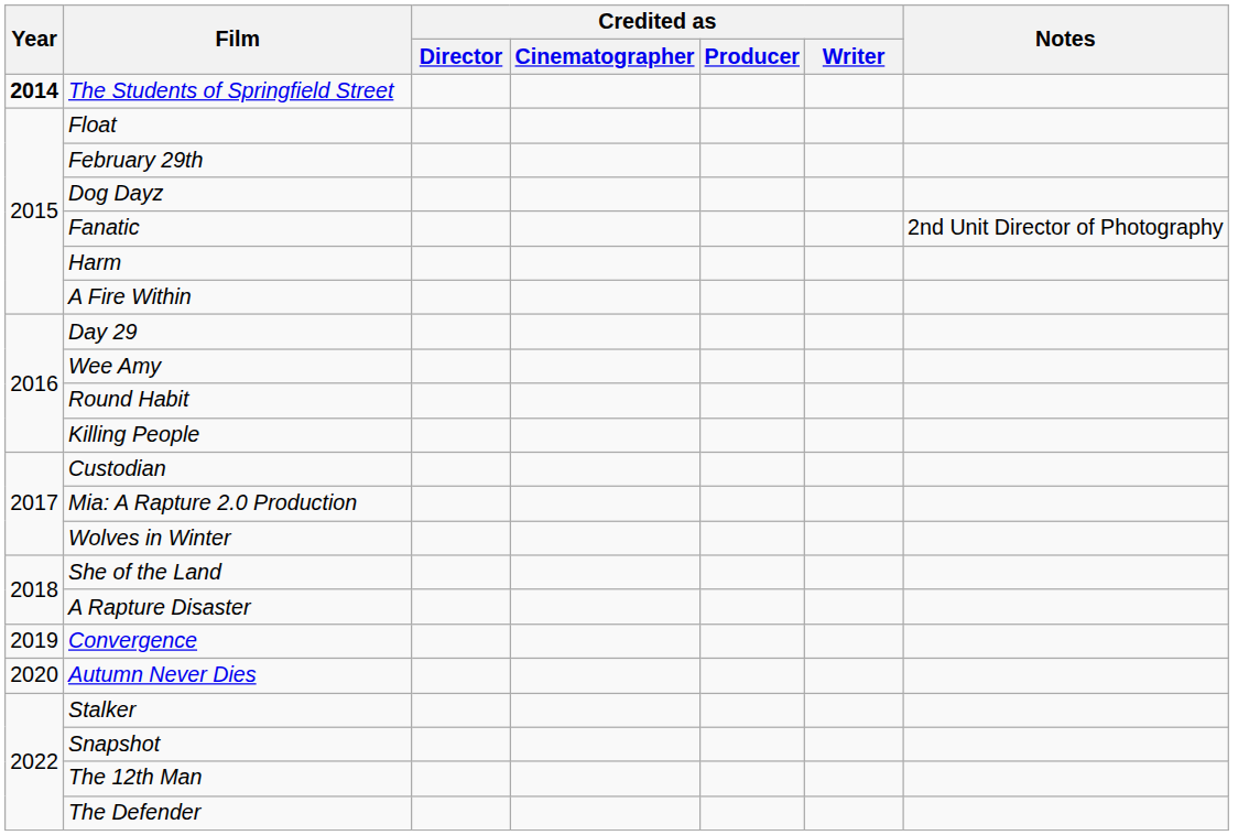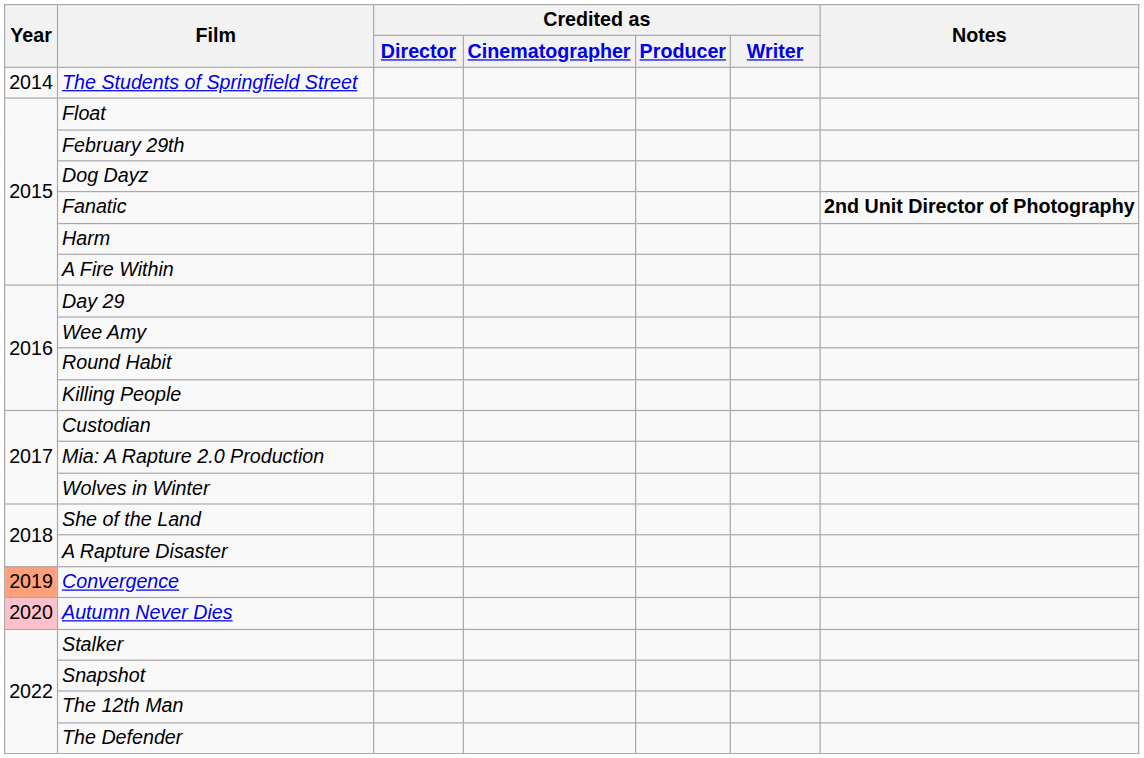 <table class="wikitable sortable" style="margin-right: 0;">
 <tr>
 <th rowspan="2" style="width:33px;">Year</th>
 <th rowspan="2" style="width:250px;">Film</th>
 <th colspan="4">Credited as</th>
 <th rowspan="2">Notes</th>
 </tr>
 <tr>
 <th style="width:65px;"><a href='#'>Director</a></th>
 <th style="width:65px;"><a href='#'>Cinematographer</a></th>
 <th style="width:65px;"><a href='#'>Producer</a></th>
 <th style="width:65px;"><a href='#'>Writer</a></th>
 </tr>
 <tr>
-<td rowspan="1"><strong>2014</strong></td>
+<td rowspan="1">2014</td>
 <td style="text-align:left"><em><a href='#'>The Students of Springfield Street</a></em></td>
 <td></td>
 <td></td>
 <td></td>
 <td></td>
 <td></td>
 </tr>
 <tr>
 <td rowspan="6">2015</td>
 <td style="text-align:left"><em>Float</em></td>
 <td></td>
 <td></td>
 <td></td>
 <td></td>
 <td></td>
 </tr>
 <tr>
 <td style="text-align:left"><em>February 29th</em></td>
 <td></td>
 <td></td>
 <td></td>
 <td></td>
 <td></td>
 </tr>
 <tr>
 <td style="text-align:left"><em>Dog Dayz</em></td>
 <td></td>
 <td></td>
 <td></td>
 <td></td>
 <td></td>
 </tr>
 <tr>
 <td style="text-align:left"><em>Fanatic</em></td>
 <td></td>
 <td></td>
 <td></td>
 <td></td>
-<td>2nd Unit Director of Photography</td>
+<td><strong>2nd Unit Director of Photography</strong></td>
 </tr>
 <tr>
 <td style="text-align:left"><em>Harm</em></td>
 <td></td>
 <td></td>
 <td></td>
 <td></td>
 <td></td>
 </tr>
 <tr>
 <td style="text-align:left"><em>A Fire Within</em></td>
 <td></td>
 <td></td>
 <td></td>
 <td></td>
 <td></td>
 </tr>
 <tr>
 <td rowspan="4">2016</td>
 <td style="text-align:left"><em>Day 29</em></td>
 <td></td>
 <td></td>
 <td></td>
 <td></td>
 <td></td>
 </tr>
 <tr>
 <td style="text-align:left"><em>Wee Amy</em></td>
 <td></td>
 <td></td>
 <td></td>
 <td></td>
 <td></td>
 </tr>
 <tr>
 <td style="text-align:left"><em>Round Habit</em></td>
 <td></td>
 <td></td>
 <td></td>
 <td></td>
 <td></td>
 </tr>
 <tr>
 <td style="text-align:left"><em>Killing People</em></td>
 <td></td>
 <td></td>
 <td></td>
 <td></td>
 <td></td>
 </tr>
 <tr>
 <td rowspan="3">2017</td>
 <td style="text-align:left"><em>Custodian</em></td>
 <td></td>
 <td></td>
 <td></td>
 <td></td>
 <td></td>
 </tr>
 <tr>
 <td style="text-align:left"><em>Mia: A Rapture 2.0 Production</em></td>
 <td></td>
 <td></td>
 <td></td>
 <td></td>
 <td></td>
 </tr>
 <tr>
 <td style="text-align:left"><em>Wolves in Winter</em></td>
 <td></td>
 <td></td>
 <td></td>
 <td></td>
 <td></td>
 </tr>
 <tr>
 <td rowspan="2">2018</td>
 <td style="text-align:left"><em>She of the Land</em></td>
 <td></td>
 <td></td>
 <td></td>
 <td></td>
 <td></td>
 </tr>
 <tr>
 <td style="text-align:left"><em>A Rapture Disaster</em></td>
 <td></td>
 <td></td>
 <td></td>
 <td></td>
 <td></td>
 </tr>
 <tr>
-<td rowspan="1">2019</td>
+<td rowspan="1" style="background: lightsalmon;">2019</td>
 <td style="text-align:left"><em><a href='#'>Convergence</a></em></td>
 <td></td>
 <td></td>
 <td></td>
 <td></td>
 <td></td>
 </tr>
 <tr>
-<td rowspan="1">2020</td>
+<td rowspan="1" style="background: pink;">2020</td>
 <td style="text-align:left"><em><a href='#'>Autumn Never Dies</a></em></td>
 <td></td>
 <td></td>
 <td></td>
 <td></td>
 <td></td>
 </tr>
 <tr>
 <td rowspan="4">2022</td>
 <td style="text-align:left"><em>Stalker</em></td>
 <td></td>
 <td></td>
 <td></td>
 <td></td>
 <td></td>
 </tr>
 <tr>
 <td style="text-align:left"><em>Snapshot</em></td>
 <td></td>
 <td></td>
 <td></td>
 <td></td>
 <td></td>
 </tr>
 <tr>
 <td style="text-align:left"><em>The 12th Man</em></td>
 <td></td>
 <td></td>
 <td></td>
 <td></td>
 <td></td>
 </tr>
 <tr>
 <td style="text-align:left"><em>The Defender</em></td>
 <td></td>
 <td></td>
 <td></td>
 <td></td>
 <td></td>
 </tr>
 <tr>
 </tr>
 </table>
